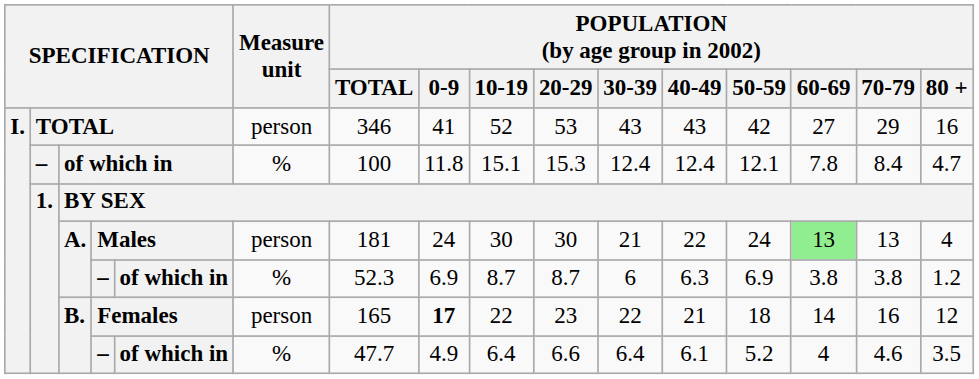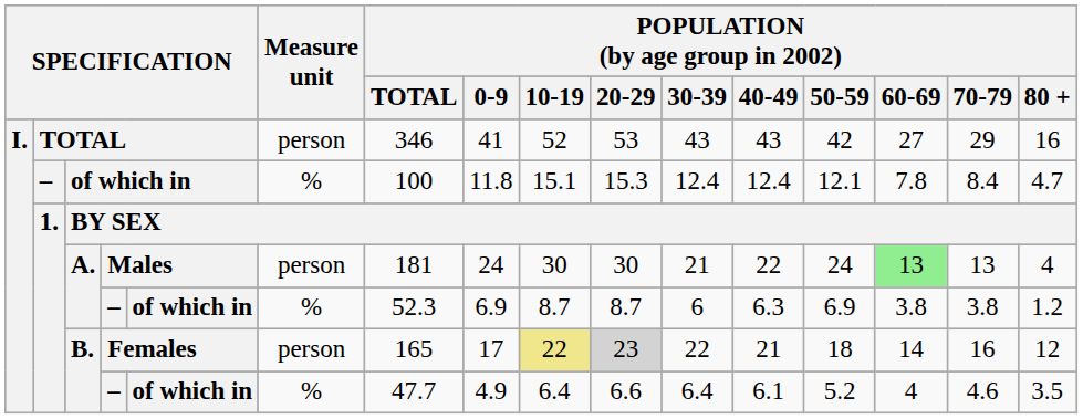 <table class="wikitable" style="font-size:85%; text-align:center">
 <tr>
 <th rowspan="2" colspan="5">SPECIFICATION</th>
 <th rowspan="2">Measure<br> unit</th>
 <th colspan="10" rowspan="1">POPULATION<br> (by age group in 2002)</th>
 </tr>
 <tr>
 <th>TOTAL</th>
 <th>0-9</th>
 <th>10-19</th>
 <th>20-29</th>
 <th>30-39</th>
 <th>40-49</th>
 <th>50-59</th>
 <th>60-69</th>
 <th>70-79</th>
 <th>80 +</th>
 </tr>
 <tr>
 <th style="text-align:left" valign="top" rowspan="7">I.</th>
 <th style="text-align:left" colspan="4">TOTAL</th>
 <td>person</td>
 <td>346</td>
 <td>41</td>
 <td>52</td>
 <td>53</td>
 <td>43</td>
 <td>43</td>
 <td>42</td>
 <td>27</td>
 <td>29</td>
 <td>16</td>
 </tr>
 <tr>
 <th style="text-align:left" valign="top">–</th>
 <th style="text-align:left" colspan="3">of which in</th>
 <td>%</td>
 <td>100</td>
 <td>11.8</td>
 <td>15.1</td>
 <td>15.3</td>
 <td>12.4</td>
 <td>12.4</td>
 <td>12.1</td>
 <td>7.8</td>
 <td>8.4</td>
 <td>4.7</td>
 </tr>
 <tr>
 <th style="text-align:left" valign="top" rowspan="5">1.</th>
 <th style="text-align:left" colspan="14">BY SEX</th>
 </tr>
 <tr>
 <th style="text-align:left" valign="top" rowspan="2">A.</th>
 <th style="text-align:left" colspan="2">Males</th>
 <td>person</td>
 <td>181</td>
 <td>24</td>
 <td>30</td>
 <td>30</td>
 <td>21</td>
 <td>22</td>
 <td>24</td>
 <td style="background: lightgreen;">13</td>
 <td>13</td>
 <td>4</td>
 </tr>
 <tr>
 <th style="text-align:left" valign="top">–</th>
 <th style="text-align:left" colspan="1">of which in</th>
 <td>%</td>
 <td>52.3</td>
 <td>6.9</td>
 <td>8.7</td>
 <td>8.7</td>
 <td>6</td>
 <td>6.3</td>
 <td>6.9</td>
 <td>3.8</td>
 <td>3.8</td>
 <td>1.2</td>
 </tr>
 <tr>
 <th style="text-align:left" valign="top" rowspan="2">B.</th>
 <th style="text-align:left" colspan="2">Females</th>
 <td>person</td>
 <td>165</td>
-<td><strong>17</strong></td>
-<td>22</td>
-<td>23</td>
+<td>17</td>
+<td style="background: khaki;">22</td>
+<td style="background: lightgrey;">23</td>
 <td>22</td>
 <td>21</td>
 <td>18</td>
 <td>14</td>
 <td>16</td>
 <td>12</td>
 </tr>
 <tr>
 <th style="text-align:left" valign="top">–</th>
 <th style="text-align:left" colspan="1">of which in</th>
 <td>%</td>
 <td>47.7</td>
 <td>4.9</td>
 <td>6.4</td>
 <td>6.6</td>
 <td>6.4</td>
 <td>6.1</td>
 <td>5.2</td>
 <td>4</td>
 <td>4.6</td>
 <td>3.5</td>
 </tr>
 </table>
